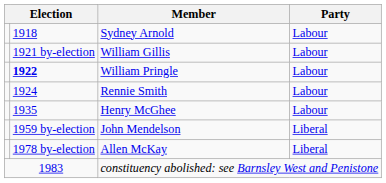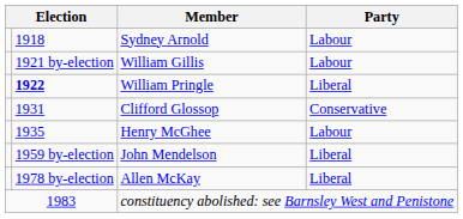 <table class="wikitable">
 <tr>
 <th colspan="2">Election</th>
 <th>Member</th>
 <th>Party</th>
 </tr>
 <tr>
 <td style="color:inherit;background-color: "></td>
 <td><a href='#'>1918</a></td>
 <td><a href='#'>Sydney Arnold</a></td>
 <td><a href='#'>Labour</a></td>
 </tr>
 <tr>
 <td style="color:inherit;background-color: "></td>
 <td><a href='#'>1921 by-election</a></td>
 <td><a href='#'>William Gillis</a></td>
 <td><a href='#'>Labour</a></td>
 </tr>
 <tr>
 <td style="color:inherit;background-color: "></td>
 <td><strong><a href='#'>1922</a></strong></td>
 <td><a href='#'>William Pringle</a></td>
-<td><a href='#'>Labour</a></td>
+<td><a href='#'>Liberal</a></td>
 </tr>
 <tr>
 <td style="color:inherit;background-color: "></td>
-<td><a href='#'>1924</a></td>
-<td><a href='#'>Rennie Smith</a></td>
-<td><a href='#'>Labour</a></td>
+<td><a href='#'>1931</a></td>
+<td><a href='#'>Clifford Glossop</a></td>
+<td><a href='#'>Conservative</a></td>
 </tr>
 <tr>
 <td style="color:inherit;background-color: "></td>
 <td><a href='#'>1935</a></td>
 <td><a href='#'>Henry McGhee</a></td>
 <td><a href='#'>Labour</a></td>
 </tr>
 <tr>
 <td style="color:inherit;background-color: "></td>
 <td><a href='#'>1959 by-election</a></td>
 <td><a href='#'>John Mendelson</a></td>
 <td><a href='#'>Liberal</a></td>
 </tr>
 <tr>
 <td style="color:inherit;background-color: "></td>
 <td><a href='#'>1978 by-election</a></td>
 <td><a href='#'>Allen McKay</a></td>
 <td><a href='#'>Liberal</a></td>
 </tr>
 <tr>
 <td colspan="2" align="center"><a href='#'>1983</a></td>
 <td colspan="2"><em>constituency abolished: see <a href='#'>Barnsley West and Penistone</a></em></td>
 </tr>
 </table>
